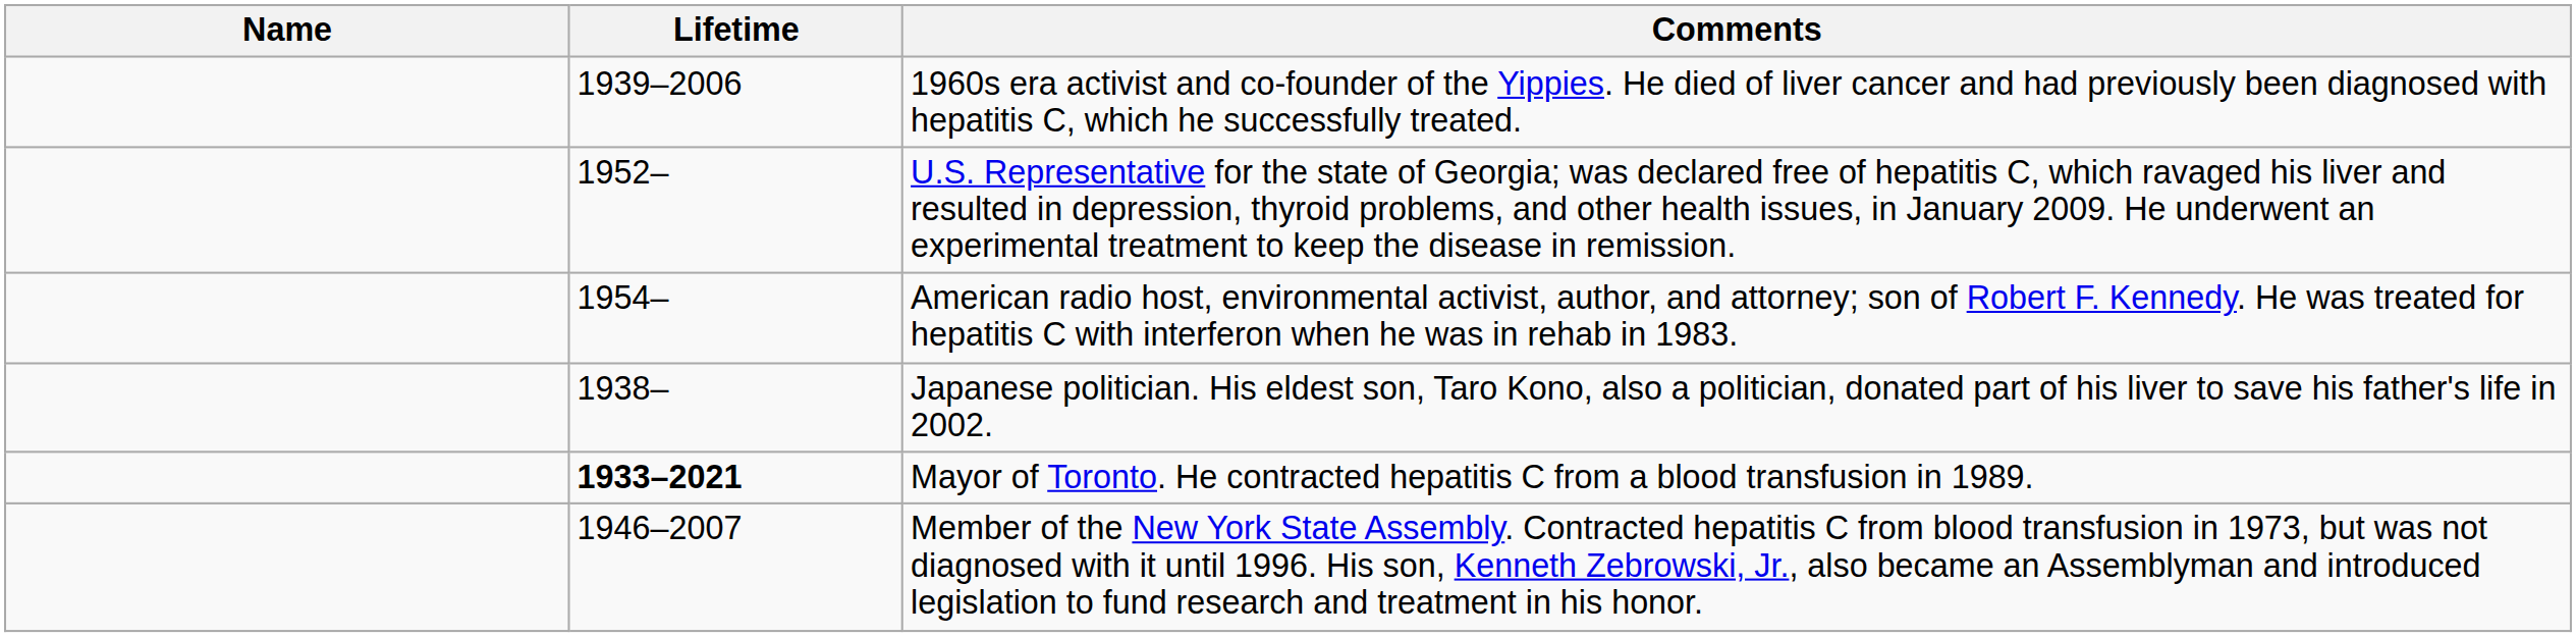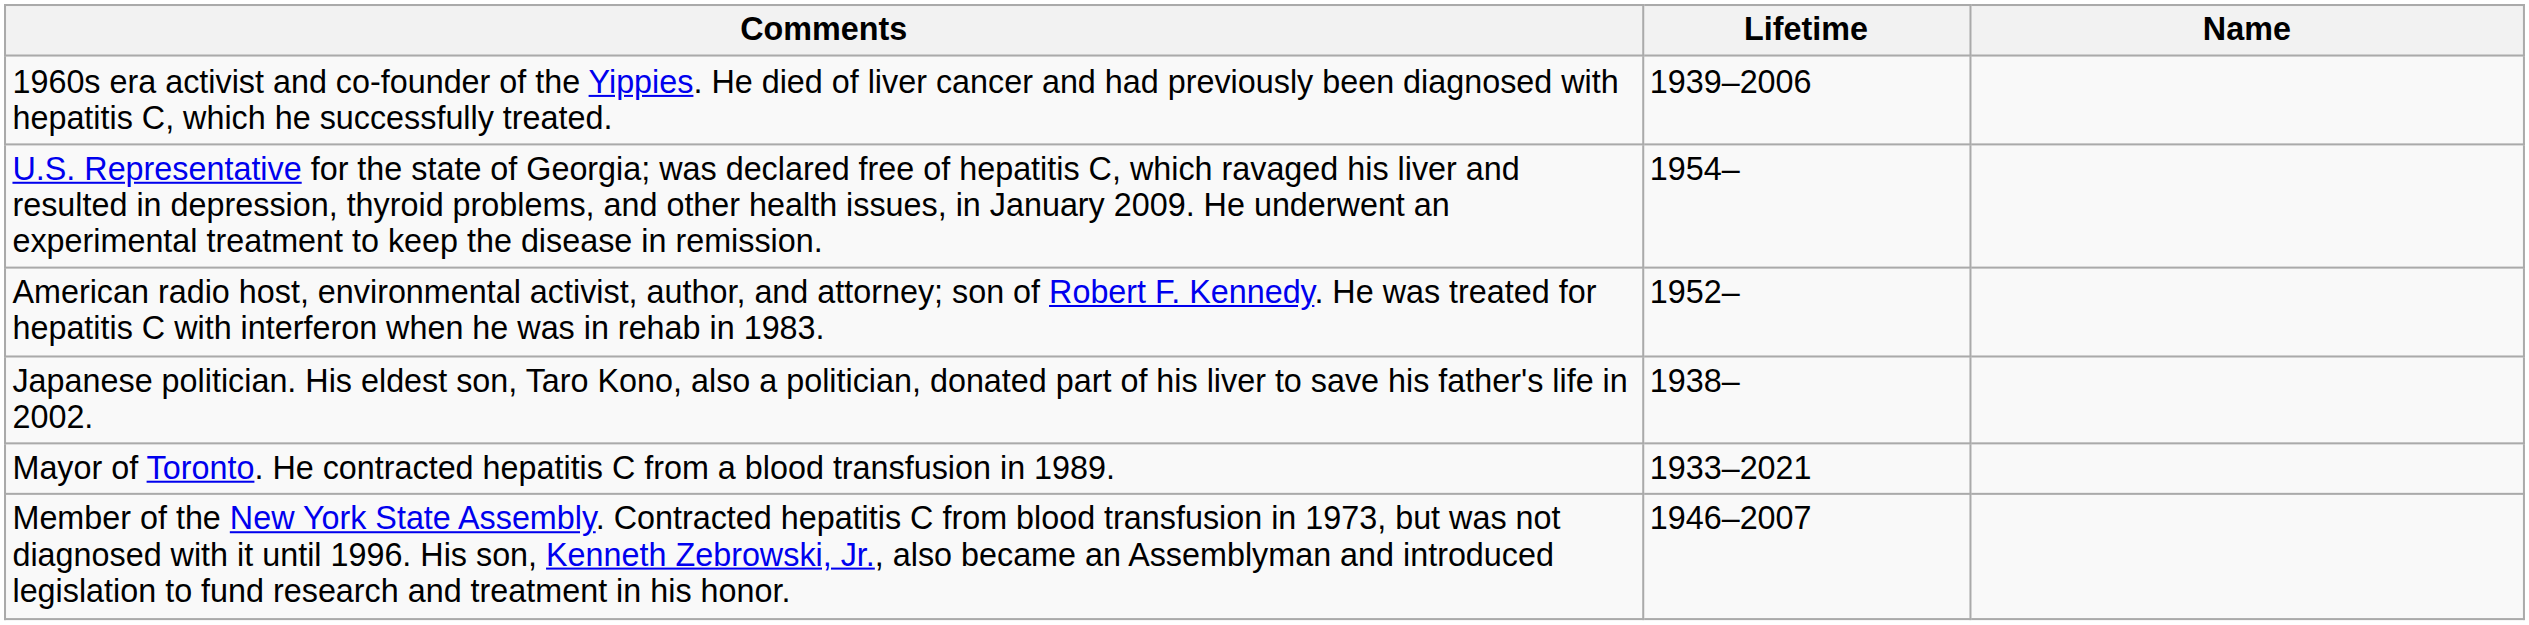 <table class="sortable wikitable">
 <tr>
+<th class="unsortable" width="65%" scope=col>Comments</th>
+<th width="13%" scope=col>Lifetime</th>
 <th width="22%" scope=col>Name</th>
-<th width="13%" scope=col>Lifetime</th>
-<th class="unsortable" width="65%" scope=col>Comments</th>
 </tr>
 <tr valign="top">
+<td>1960s era activist and co-founder of the <a href='#'>Yippies</a>. He died of liver cancer and had previously been diagnosed with hepatitis C, which he successfully treated.</td>
+<td>1939–2006</td>
 <td></td>
-<td>1939–2006</td>
-<td>1960s era activist and co-founder of the <a href='#'>Yippies</a>. He died of liver cancer and had previously been diagnosed with hepatitis C, which he successfully treated.</td>
 </tr>
 <tr valign="top">
+<td><a href='#'>U.S. Representative</a> for the state of Georgia; was declared free of hepatitis C, which ravaged his liver and resulted in depression, thyroid problems, and other health issues, in January 2009.  He underwent an experimental treatment to keep the disease in remission.</td>
+<td>1954–</td>
 <td></td>
-<td>1952–</td>
-<td><a href='#'>U.S. Representative</a> for the state of Georgia; was declared free of hepatitis C, which ravaged his liver and resulted in depression, thyroid problems, and other health issues, in January 2009.  He underwent an experimental treatment to keep the disease in remission.</td>
 </tr>
 <tr valign="top">
+<td>American radio host, environmental activist, author, and attorney; son of <a href='#'>Robert F. Kennedy</a>.  He was treated for hepatitis C with interferon when he was in rehab in 1983.</td>
+<td>1952–</td>
 <td></td>
-<td>1954–</td>
-<td>American radio host, environmental activist, author, and attorney; son of <a href='#'>Robert F. Kennedy</a>.  He was treated for hepatitis C with interferon when he was in rehab in 1983.</td>
 </tr>
 <tr valign="top">
+<td>Japanese politician. His eldest son, Taro Kono, also a politician, donated part of his liver to save his father's life in 2002.</td>
+<td>1938–</td>
 <td></td>
-<td>1938–</td>
-<td>Japanese politician. His eldest son, Taro Kono, also a politician, donated part of his liver to save his father's life in 2002.</td>
 </tr>
 <tr valign="top">
+<td>Mayor of <a href='#'>Toronto</a>. He contracted hepatitis C from a blood transfusion in 1989.</td>
+<td>1933–2021</td>
 <td></td>
-<td><strong>1933–2021</strong></td>
-<td>Mayor of <a href='#'>Toronto</a>. He contracted hepatitis C from a blood transfusion in 1989.</td>
 </tr>
 <tr valign="top">
+<td>Member of the <a href='#'>New York State Assembly</a>.  Contracted hepatitis C from blood transfusion in 1973, but was not diagnosed with it until 1996.  His son, <a href='#'>Kenneth Zebrowski, Jr.</a>, also became an Assemblyman and introduced legislation to fund research and treatment in his honor.</td>
+<td>1946–2007</td>
 <td></td>
-<td>1946–2007</td>
-<td>Member of the <a href='#'>New York State Assembly</a>.  Contracted hepatitis C from blood transfusion in 1973, but was not diagnosed with it until 1996.  His son, <a href='#'>Kenneth Zebrowski, Jr.</a>, also became an Assemblyman and introduced legislation to fund research and treatment in his honor.</td>
 </tr>
 </table>
